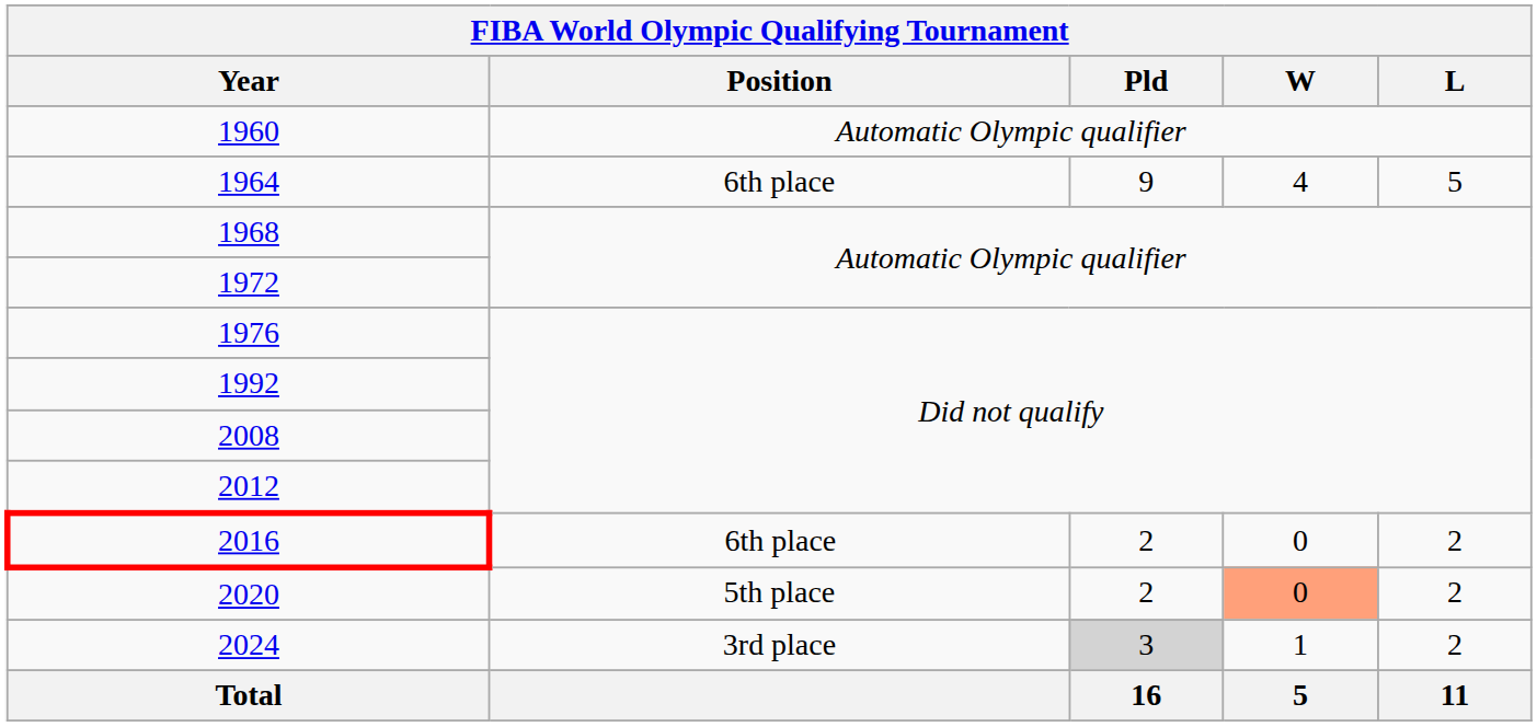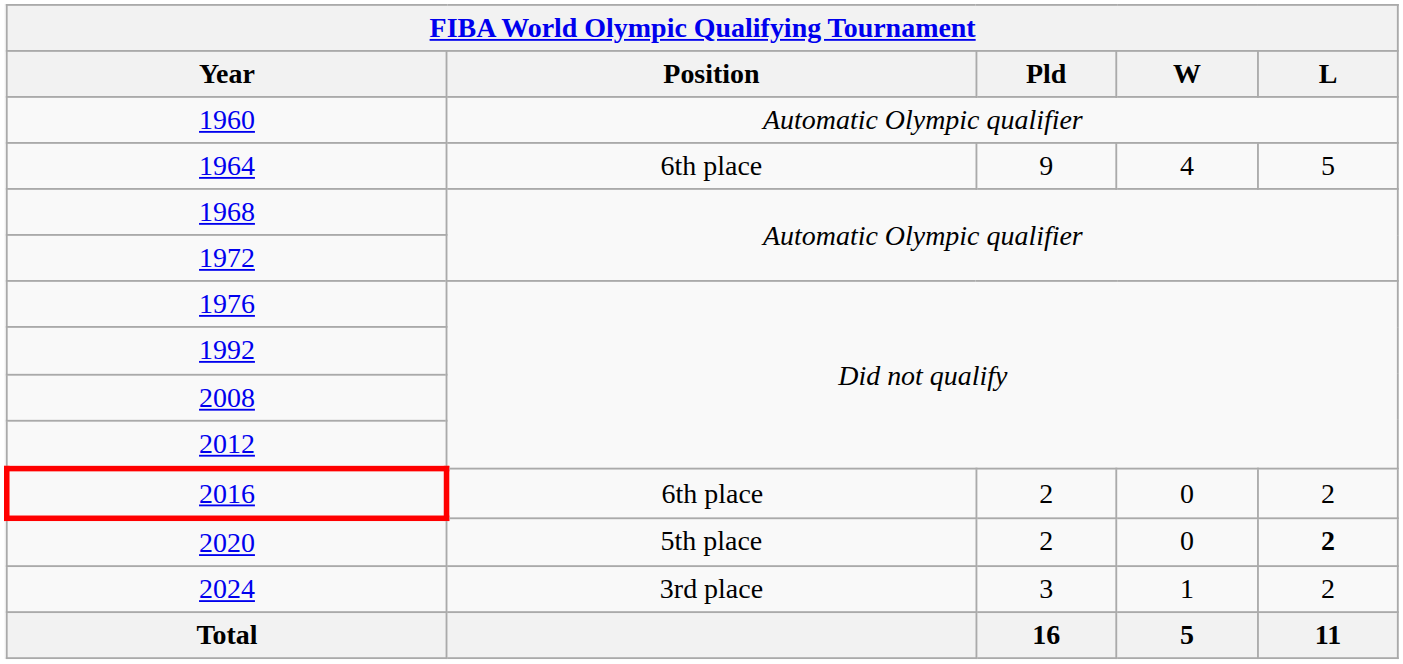 <table class="wikitable collapsible autocollapse" style="text-align: center; font-size:95%;" width=60%>
 <tr>
 <th colspan=9><a href='#'>FIBA World Olympic Qualifying Tournament</a></th>
 </tr>
 <tr>
 <th width=25%>Year</th>
 <th width=30%>Position</th>
 <th width=8%>Pld</th>
 <th width=8%>W</th>
 <th width=8%>L</th>
 </tr>
 <tr>
 <td> <a href='#'>1960</a></td>
 <td colspan=5><em>Automatic Olympic qualifier</em></td>
 </tr>
 <tr>
 <td> <a href='#'>1964</a></td>
 <td>6th place</td>
 <td>9</td>
 <td>4</td>
 <td>5</td>
 </tr>
 <tr>
 <td> <a href='#'>1968</a></td>
 <td colspan=5 rowspan=2><em>Automatic Olympic qualifier</em></td>
 </tr>
 <tr>
 <td> <a href='#'>1972</a></td>
 </tr>
 <tr>
 <td> <a href='#'>1976</a></td>
 <td colspan=5 rowspan=4><em>Did not qualify</em></td>
 </tr>
 <tr>
 <td> <a href='#'>1992</a></td>
 </tr>
 <tr>
 <td> <a href='#'>2008</a></td>
 </tr>
 <tr>
 <td> <a href='#'>2012</a></td>
 </tr>
 <tr>
 <td style="border: 3px solid red"> <a href='#'>2016</a></td>
 <td>6th place</td>
 <td>2</td>
 <td>0</td>
 <td>2</td>
 </tr>
 <tr>
 <td> <a href='#'>2020</a></td>
 <td>5th place</td>
 <td>2</td>
-<td style="background: lightsalmon;">0</td>
-<td>2</td>
+<td>0</td>
+<td><strong>2</strong></td>
 </tr>
 <tr>
 <td> <a href='#'>2024</a></td>
 <td>3rd place</td>
-<td style="background: lightgrey;">3</td>
+<td>3</td>
 <td>1</td>
 <td>2</td>
 </tr>
 <tr>
 <th><strong>Total</strong></th>
 <th></th>
 <th>16</th>
 <th>5</th>
 <th>11</th>
 </tr>
 </table>
